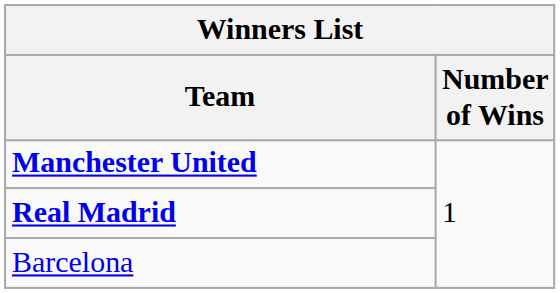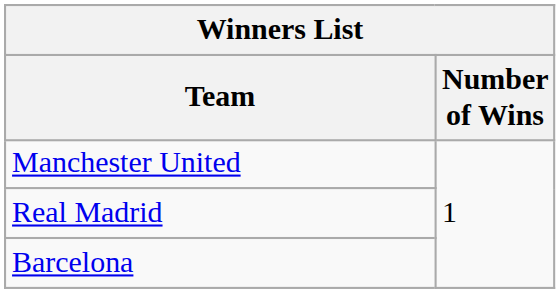 <table class="wikitable" style="font-size:90%" style="text-align: center;">
 <tr>
 <th colspan="3"><strong>Winners List</strong></th>
 </tr>
 <tr>
 <th width=200>Team</th>
 <th width=50>Number of Wins</th>
 </tr>
 <tr>
-<td><strong> <a href='#'>Manchester United</a></strong></td>
+<td> <a href='#'>Manchester United</a></td>
 <td rowspan=3>1</td>
 </tr>
 <tr>
-<td><strong> <a href='#'>Real Madrid</a></strong></td>
+<td> <a href='#'>Real Madrid</a></td>
 </tr>
 <tr>
 <td> <a href='#'>Barcelona</a></td>
 </tr>
 </table>
